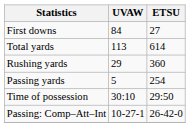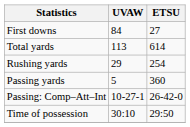 <table class="wikitable" style="float: left;">
 <tr>
 <th>Statistics</th>
 <th>UVAW</th>
 <th>ETSU</th>
 </tr>
 <tr>
 <td>First downs</td>
 <td>84</td>
 <td>27</td>
 </tr>
 <tr>
 <td>Total yards</td>
 <td>113</td>
 <td>614</td>
 </tr>
 <tr>
 <td>Rushing yards</td>
 <td>29</td>
-<td>360</td>
+<td>254</td>
 </tr>
 <tr>
 <td>Passing yards</td>
 <td>5</td>
-<td>254</td>
+<td>360</td>
+</tr>
+<tr>
+<td>Passing: Comp–Att–Int</td>
+<td>10-27-1</td>
+<td>26-42-0</td>
 </tr>
 <tr>
 <td>Time of possession</td>
 <td>30:10</td>
 <td>29:50</td>
 </tr>
 <tr>
-<td>Passing: Comp–Att–Int</td>
-<td>10-27-1</td>
-<td>26-42-0</td>
-</tr>
-<tr>
 </tr>
 </table>
